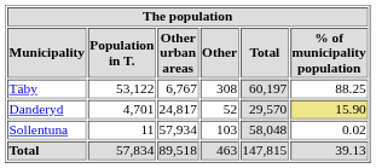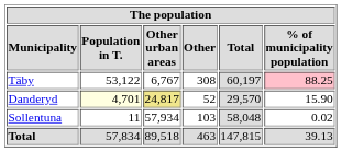 <table border>
 <tr bgcolor=#dddddd>
 <th colspan="6">The population </th>
 </tr>
 <tr bgcolor=#dddddd>
 <th>Municipality</th>
 <th>Population<br>in T.</th>
 <th>Other<br>urban<br>areas</th>
 <th>Other</th>
 <th>Total</th>
 <th>% of<br>municipality<br>population</th>
 </tr>
 <tr align=right>
 <td align=left><a href='#'>Täby</a></td>
 <td>53,122</td>
 <td>6,767</td>
 <td>308</td>
 <td bgcolor=#dddddd>60,197</td>
-<td>88.25</td>
+<td style="background: pink;">88.25</td>
 </tr>
 <tr align=right>
 <td align=left><a href='#'>Danderyd</a></td>
-<td>4,701</td>
-<td>24,817</td>
+<td style="background: lightyellow;">4,701</td>
+<td style="background: khaki;">24,817</td>
 <td>52</td>
 <td bgcolor=#dddddd>29,570</td>
-<td style="background: khaki;">15.90</td>
+<td>15.90</td>
 </tr>
 <tr align=right>
 <td align=left><a href='#'>Sollentuna</a></td>
 <td>11</td>
 <td>57,934</td>
 <td>103</td>
 <td bgcolor=#dddddd>58,048</td>
 <td>0.02</td>
 </tr>
 <tr align=right bgcolor=#dddddd>
 <td align=left><strong>Total</strong></td>
 <td>57,834</td>
 <td>89,518</td>
 <td>463</td>
 <td>147,815</td>
 <td>39.13</td>
 </tr>
 </table>
